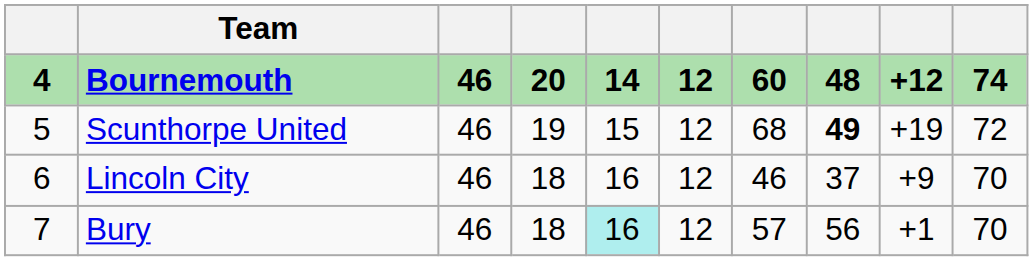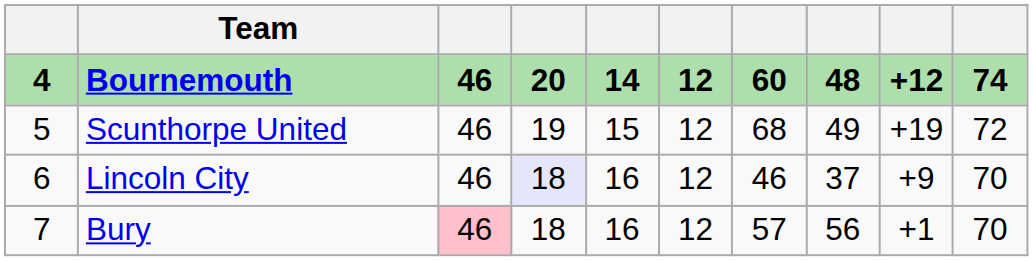 <table class="wikitable" style="text-align:center">
 <tr>
 <th width="30"></th>
 <th width="175">Team</th>
 <th width="30"></th>
 <th width="30"></th>
 <th width="30"></th>
 <th width="30"></th>
 <th width="30"></th>
 <th width="30"></th>
 <th width="30"></th>
 <th width="30"></th>
 </tr>
 <tr bgcolor=#ADDFAD>
 <td><strong>4</strong></td>
 <td align=left><strong><a href='#'>Bournemouth</a></strong></td>
 <td><strong>46</strong></td>
 <td><strong>20</strong></td>
 <td><strong>14</strong></td>
 <td><strong>12</strong></td>
 <td><strong>60</strong></td>
 <td><strong>48</strong></td>
 <td><strong>+12</strong></td>
 <td><strong>74</strong></td>
 </tr>
 <tr>
 <td>5</td>
 <td align=left><a href='#'>Scunthorpe United</a></td>
 <td>46</td>
 <td>19</td>
 <td>15</td>
 <td>12</td>
 <td>68</td>
-<td><strong>49</strong></td>
+<td>49</td>
 <td>+19</td>
 <td>72</td>
 </tr>
 <tr>
 <td>6</td>
 <td align=left><a href='#'>Lincoln City</a></td>
 <td>46</td>
-<td>18</td>
+<td style="background: lavender;">18</td>
 <td>16</td>
 <td>12</td>
 <td>46</td>
 <td>37</td>
 <td>+9</td>
 <td>70</td>
 </tr>
 <tr>
 <td>7</td>
 <td align=left><a href='#'>Bury</a></td>
-<td>46</td>
+<td style="background: pink;">46</td>
 <td>18</td>
-<td style="background: paleturquoise;">16</td>
+<td>16</td>
 <td>12</td>
 <td>57</td>
 <td>56</td>
 <td>+1</td>
 <td>70</td>
 </tr>
 </table>
